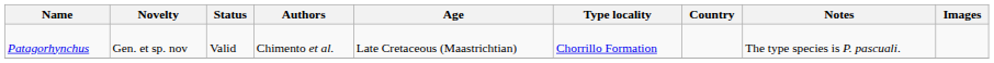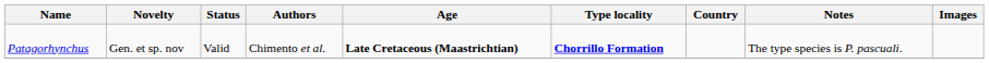 <table class="wikitable sortable" align="center" width="100%">
 <tr>
 <th>Name</th>
 <th>Novelty</th>
 <th>Status</th>
 <th>Authors</th>
 <th>Age</th>
 <th>Type locality</th>
 <th>Country</th>
 <th>Notes</th>
 <th>Images</th>
 </tr>
 <tr>
 <td><br><em><a href='#'>Patagorhynchus</a></em></td>
 <td><br>Gen. et sp. nov</td>
 <td><br>Valid</td>
 <td><br>Chimento <em>et al.</em></td>
-<td><br>Late Cretaceous (Maastrichtian)</td>
-<td><br><a href='#'>Chorrillo Formation</a></td>
+<td><strong><br>Late Cretaceous (Maastrichtian)</strong></td>
+<td><strong><br><a href='#'>Chorrillo Formation</a></strong></td>
 <td><br></td>
 <td><br>The type species is <em>P. pascuali</em>.</td>
 <td></td>
 </tr>
 <tr>
 </tr>
 </table>
